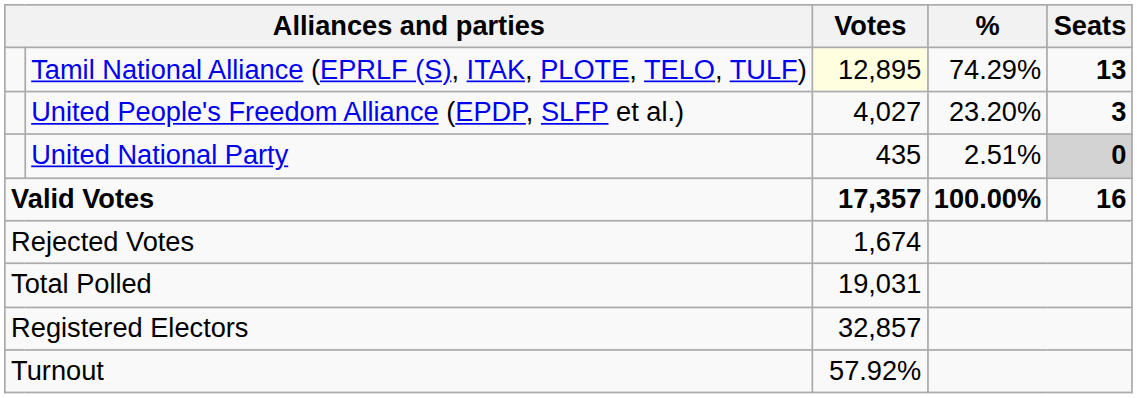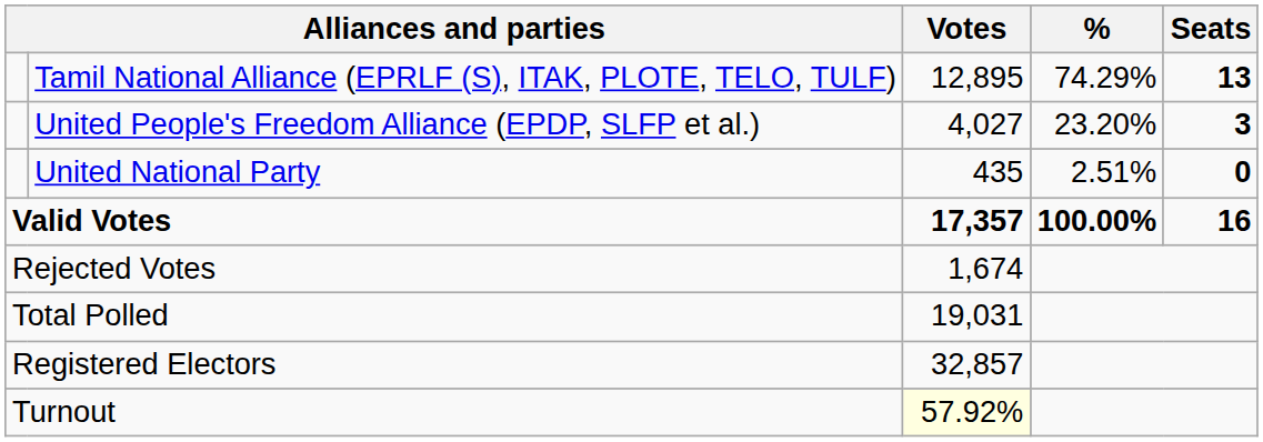 <table class="wikitable" border="1" style="text-align:right;">
 <tr>
 <th valign=bottom align=left colspan=2>Alliances and parties</th>
 <th valign=bottom align=center width="60">Votes</th>
 <th valign=bottom align=center width="50">%</th>
 <th valign=bottom align=center>Seats</th>
 </tr>
 <tr>
 <td bgcolor=> </td>
 <td align=left><a href='#'>Tamil National Alliance</a> (<a href='#'>EPRLF (S)</a>, <a href='#'>ITAK</a>, <a href='#'>PLOTE</a>, <a href='#'>TELO</a>, <a href='#'>TULF</a>)</td>
-<td style="background: lightyellow;">12,895</td>
+<td>12,895</td>
 <td>74.29%</td>
 <td><strong>13</strong></td>
 </tr>
 <tr>
 <td bgcolor=> </td>
 <td align=left><a href='#'>United People's Freedom Alliance</a> (<a href='#'>EPDP</a>, <a href='#'>SLFP</a> et al.)</td>
 <td>4,027</td>
 <td>23.20%</td>
 <td><strong>3</strong></td>
 </tr>
 <tr>
 <td bgcolor=> </td>
 <td align=left><a href='#'>United National Party</a></td>
 <td>435</td>
 <td>2.51%</td>
-<td style="background: lightgrey;"><strong>0</strong></td>
+<td><strong>0</strong></td>
 </tr>
 <tr>
 <td colspan=2 align=left><strong>Valid Votes</strong></td>
 <td><strong>17,357</strong></td>
 <td><strong>100.00%</strong></td>
 <td><strong>16</strong></td>
 </tr>
 <tr>
 <td colspan=2 align=left>Rejected Votes</td>
 <td>1,674</td>
 <td colspan=2></td>
 </tr>
 <tr>
 <td colspan=2 align=left>Total Polled</td>
 <td>19,031</td>
 <td colspan=2></td>
 </tr>
 <tr>
 <td colspan=2 align=left>Registered Electors</td>
 <td>32,857</td>
 <td colspan=2></td>
 </tr>
 <tr>
 <td colspan=2 align=left>Turnout</td>
-<td>57.92%</td>
+<td style="background: lightyellow;">57.92%</td>
 <td colspan=2></td>
 </tr>
 </table>
